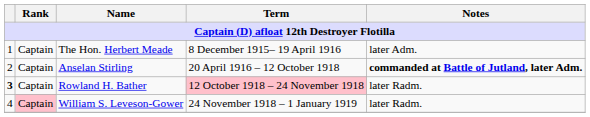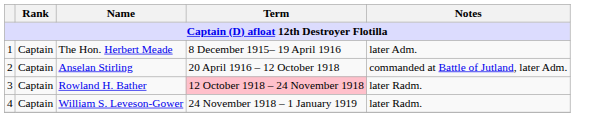 <table class="wikitable">
 <tr>
 <th></th>
 <th>Rank</th>
 <th>Name</th>
 <th>Term</th>
 <th>Notes</th>
 </tr>
 <tr>
 <td colspan="6" align="center" style="background:#dcdcfe;"><strong><a href='#'>Captain (D) afloat</a> 12th Destroyer Flotilla</strong></td>
 </tr>
 <tr>
 <td>1</td>
 <td>Captain</td>
 <td>The Hon. <a href='#'>Herbert Meade</a></td>
 <td>8 December 1915– 19 April 1916</td>
 <td>later Adm.</td>
 </tr>
 <tr>
 <td>2</td>
 <td>Captain</td>
 <td><a href='#'>Anselan Stirling</a></td>
 <td>20 April 1916 – 12 October 1918</td>
-<td><strong>commanded at <a href='#'>Battle of Jutland</a>, later Adm.</strong></td>
+<td>commanded at <a href='#'>Battle of Jutland</a>, later Adm.</td>
 </tr>
 <tr>
-<td><strong>3</strong></td>
+<td>3</td>
 <td>Captain</td>
 <td><a href='#'>Rowland H. Bather</a></td>
 <td style="background: pink;">12 October 1918 – 24 November 1918</td>
 <td>later Radm.</td>
 </tr>
 <tr>
 <td>4</td>
-<td style="background: pink;">Captain</td>
+<td>Captain</td>
 <td><a href='#'>William S. Leveson-Gower</a></td>
 <td>24 November 1918 – 1 January 1919</td>
 <td>later Radm.</td>
 </tr>
 <tr>
 </tr>
 </table>
